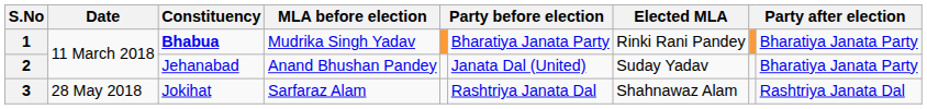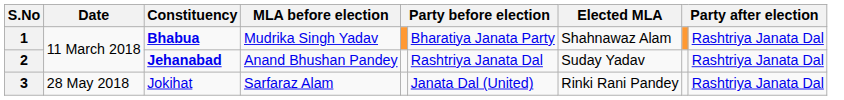 <table class="wikitable sortable">
 <tr>
 <th>S.No</th>
 <th>Date</th>
 <th>Constituency</th>
 <th>MLA before election</th>
 <th colspan="2">Party before election</th>
 <th>Elected MLA</th>
 <th colspan="2">Party after election</th>
 </tr>
 <tr>
 <th>1</th>
 <td Rowspan=2>11 March 2018</td>
 <td><strong><a href='#'>Bhabua</a></strong></td>
 <td><a href='#'>Mudrika Singh Yadav</a></td>
 <td bgcolor=#FF9933></td>
 <td><a href='#'>Bharatiya Janata Party</a></td>
-<td>Rinki Rani Pandey</td>
+<td>Shahnawaz Alam</td>
 <td bgcolor=#FF9933></td>
-<td><a href='#'>Bharatiya Janata Party</a></td>
+<td><a href='#'>Rashtriya Janata Dal</a></td>
 </tr>
 <tr>
 <th>2</th>
-<td><a href='#'>Jehanabad</a></td>
+<td><strong><a href='#'>Jehanabad</a></strong></td>
 <td><a href='#'>Anand Bhushan Pandey</a></td>
 <td></td>
-<td><a href='#'>Janata Dal (United)</a></td>
+<td><a href='#'>Rashtriya Janata Dal</a></td>
 <td>Suday Yadav</td>
 <td></td>
-<td><a href='#'>Bharatiya Janata Party</a></td>
+<td><a href='#'>Rashtriya Janata Dal</a></td>
 </tr>
 <tr>
 <th>3</th>
 <td>28 May 2018</td>
 <td><a href='#'>Jokihat</a></td>
 <td><a href='#'>Sarfaraz Alam</a></td>
 <td></td>
-<td><a href='#'>Rashtriya Janata Dal</a></td>
-<td>Shahnawaz Alam</td>
+<td><a href='#'>Janata Dal (United)</a></td>
+<td>Rinki Rani Pandey</td>
 <td></td>
 <td><a href='#'>Rashtriya Janata Dal</a></td>
 </tr>
 </table>
